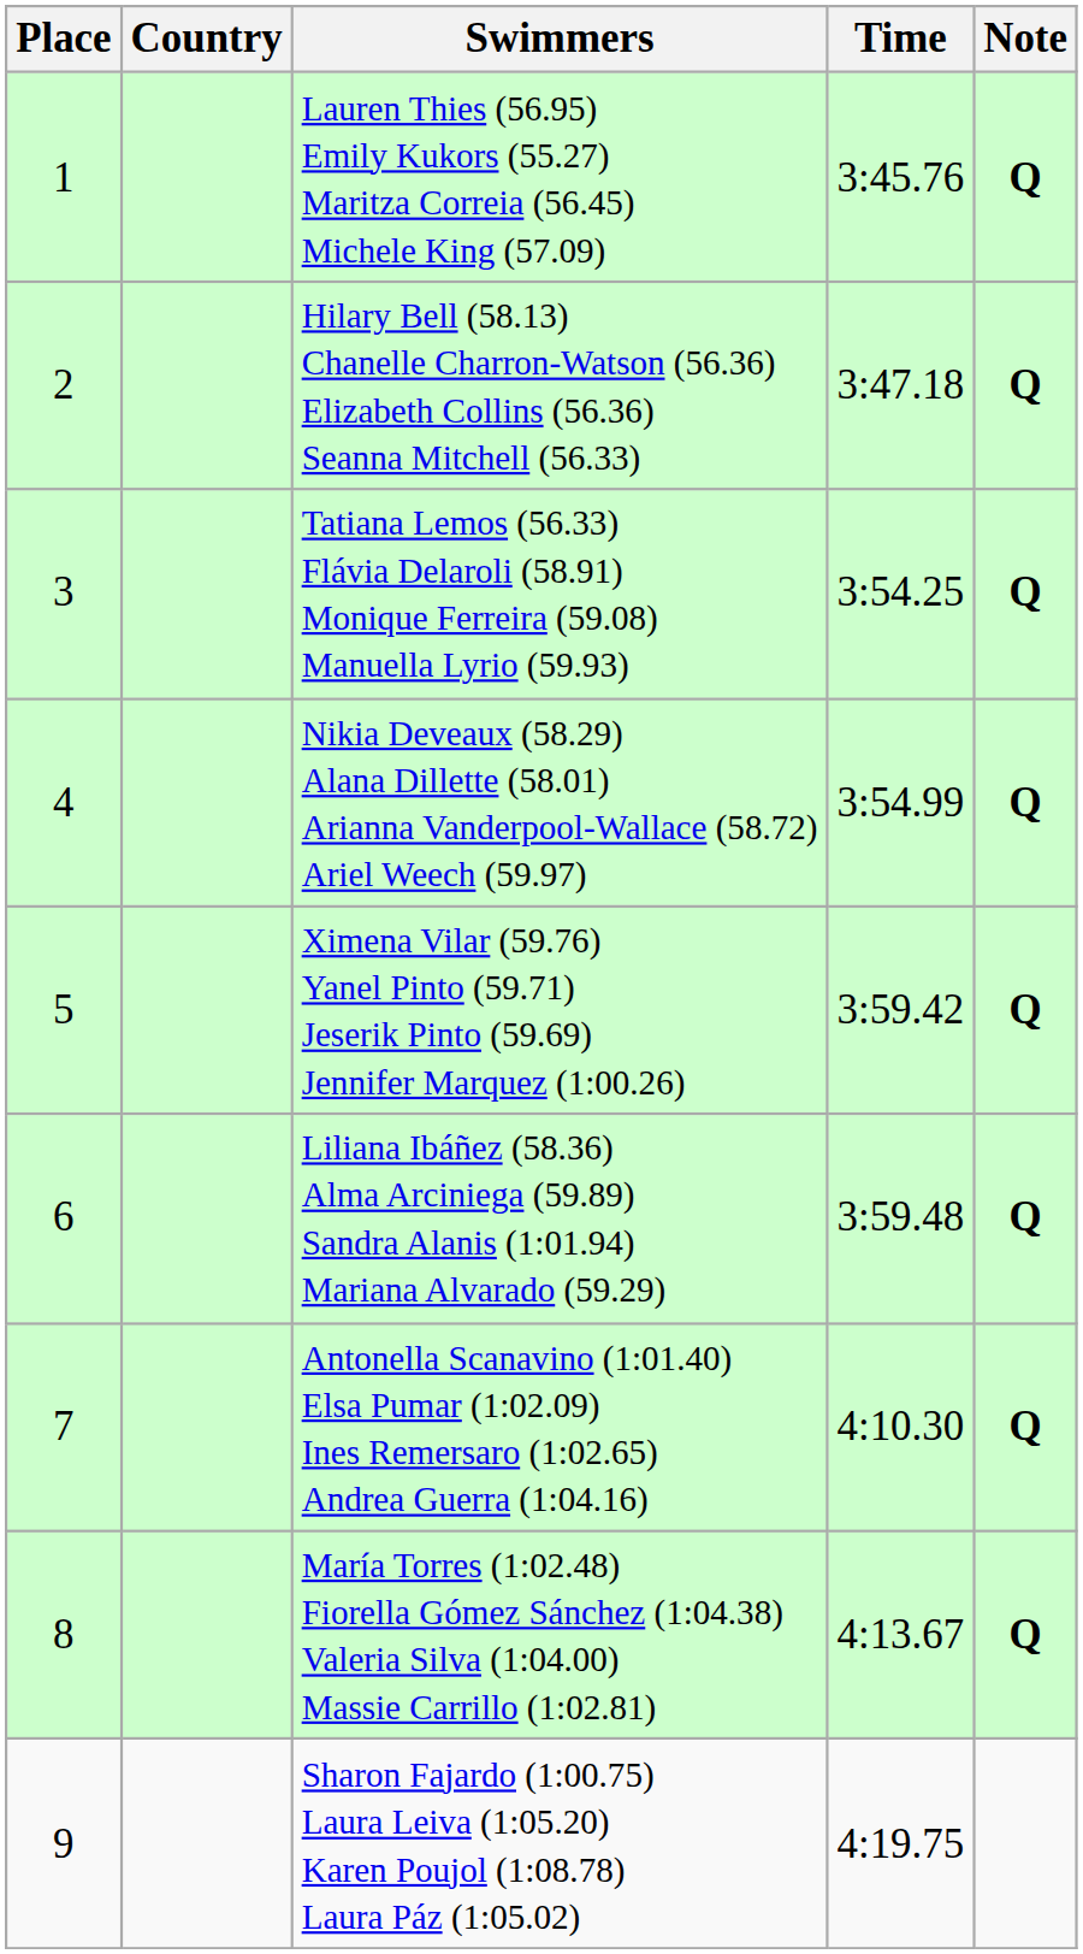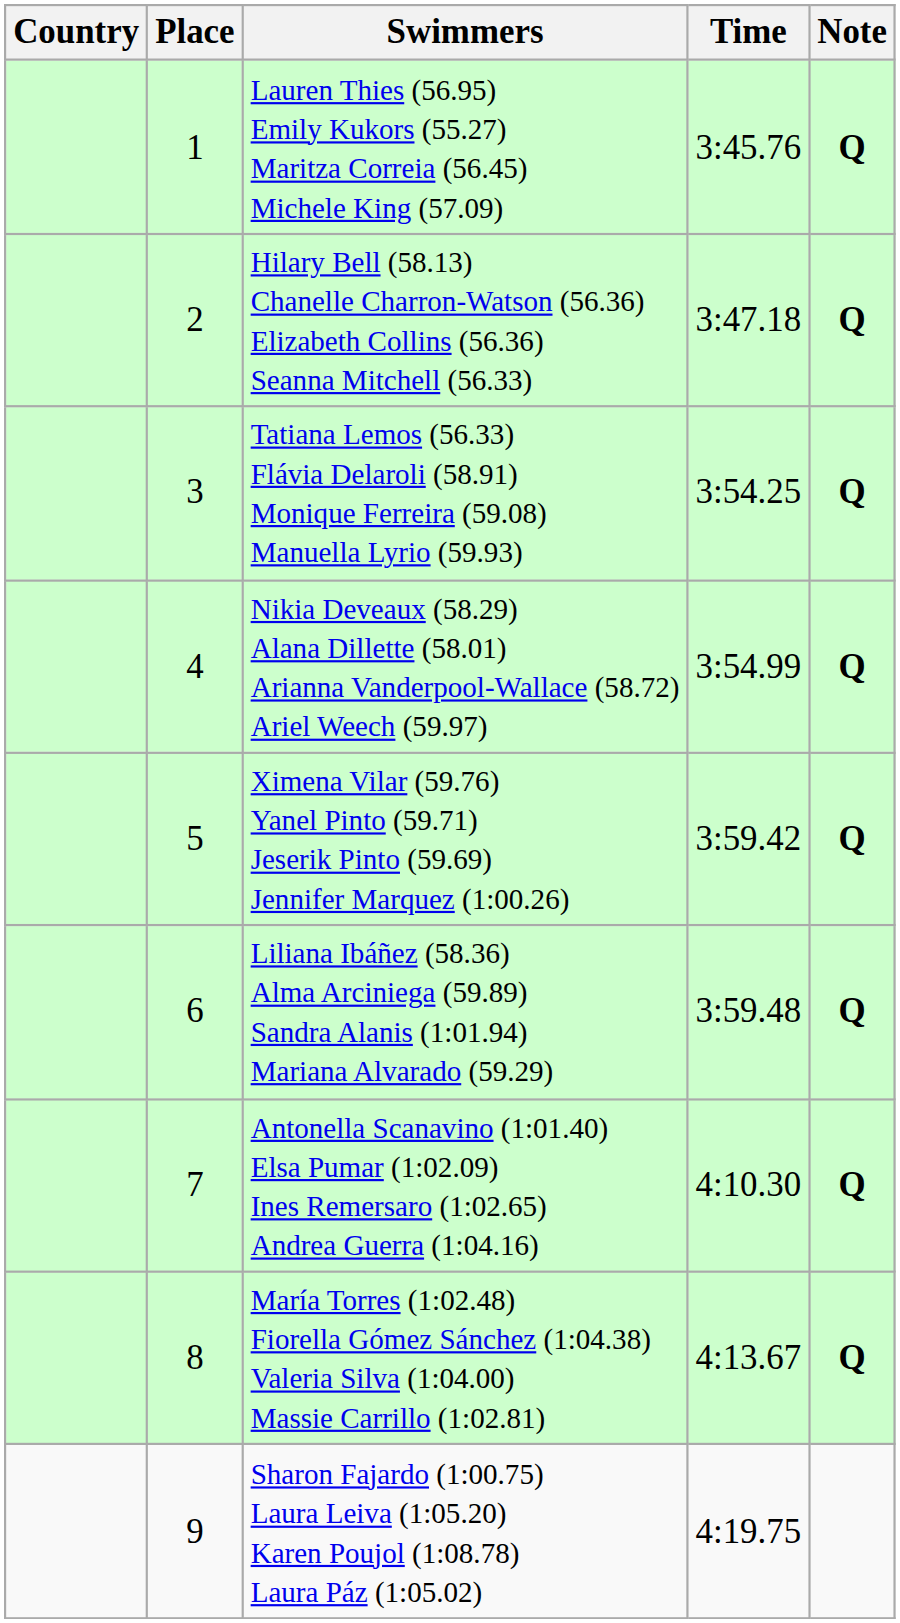 <table class="wikitable" style="text-align:center">
 <tr>
+<th>Country</th>
 <th>Place</th>
-<th>Country</th>
 <th>Swimmers</th>
 <th>Time</th>
 <th>Note</th>
 </tr>
 <tr bgcolor=ccffcc>
+<td align=left></td>
 <td>1</td>
-<td align=left></td>
 <td align=left><small> <a href='#'>Lauren Thies</a> (56.95) <br> <a href='#'>Emily Kukors</a> (55.27) <br> <a href='#'>Maritza Correia</a> (56.45) <br> <a href='#'>Michele King</a> (57.09)</small></td>
 <td>3:45.76</td>
 <td><strong>Q</strong></td>
 </tr>
 <tr bgcolor=ccffcc>
+<td align=left></td>
 <td>2</td>
-<td align=left></td>
 <td align=left><small> <a href='#'>Hilary Bell</a> (58.13) <br> <a href='#'>Chanelle Charron-Watson</a> (56.36) <br> <a href='#'>Elizabeth Collins</a> (56.36) <br> <a href='#'>Seanna Mitchell</a> (56.33)</small></td>
 <td>3:47.18</td>
 <td><strong>Q</strong></td>
 </tr>
 <tr bgcolor=ccffcc>
+<td align=left></td>
 <td>3</td>
-<td align=left></td>
 <td align=left><small> <a href='#'>Tatiana Lemos</a> (56.33) <br> <a href='#'>Flávia Delaroli</a> (58.91) <br> <a href='#'>Monique Ferreira</a> (59.08) <br> <a href='#'>Manuella Lyrio</a> (59.93)</small></td>
 <td>3:54.25</td>
 <td><strong>Q</strong></td>
 </tr>
 <tr bgcolor=ccffcc>
+<td align=left></td>
 <td>4</td>
-<td align=left></td>
 <td align=left><small> <a href='#'>Nikia Deveaux</a> (58.29) <br> <a href='#'>Alana Dillette</a> (58.01) <br> <a href='#'>Arianna Vanderpool-Wallace</a> (58.72) <br> <a href='#'>Ariel Weech</a> (59.97)</small></td>
 <td>3:54.99</td>
 <td><strong>Q</strong></td>
 </tr>
 <tr bgcolor=ccffcc>
+<td align=left></td>
 <td>5</td>
-<td align=left></td>
 <td align=left><small> <a href='#'>Ximena Vilar</a> (59.76) <br> <a href='#'>Yanel Pinto</a> (59.71) <br> <a href='#'>Jeserik Pinto</a> (59.69) <br> <a href='#'>Jennifer Marquez</a> (1:00.26)</small></td>
 <td>3:59.42</td>
 <td><strong>Q</strong></td>
 </tr>
 <tr bgcolor=ccffcc>
+<td align=left></td>
 <td>6</td>
-<td align=left></td>
 <td align=left><small> <a href='#'>Liliana Ibáñez</a> (58.36) <br> <a href='#'>Alma Arciniega</a> (59.89) <br> <a href='#'>Sandra Alanis</a> (1:01.94) <br> <a href='#'>Mariana Alvarado</a> (59.29)</small></td>
 <td>3:59.48</td>
 <td><strong>Q</strong></td>
 </tr>
 <tr bgcolor=ccffcc>
+<td align=left></td>
 <td>7</td>
-<td align=left></td>
 <td align=left><small> <a href='#'>Antonella Scanavino</a> (1:01.40) <br> <a href='#'>Elsa Pumar</a> (1:02.09) <br> <a href='#'>Ines Remersaro</a> (1:02.65) <br> <a href='#'>Andrea Guerra</a> (1:04.16)</small></td>
 <td>4:10.30</td>
 <td><strong>Q</strong></td>
 </tr>
 <tr bgcolor=ccffcc>
+<td align=left></td>
 <td>8</td>
-<td align=left></td>
 <td align=left><small> <a href='#'>María Torres</a> (1:02.48) <br> <a href='#'>Fiorella Gómez Sánchez</a> (1:04.38) <br> <a href='#'>Valeria Silva</a> (1:04.00) <br> <a href='#'>Massie Carrillo</a> (1:02.81)</small></td>
 <td>4:13.67</td>
 <td><strong>Q</strong></td>
 </tr>
 <tr>
+<td align=left></td>
 <td>9</td>
-<td align=left></td>
 <td align=left><small> <a href='#'>Sharon Fajardo</a> (1:00.75) <br> <a href='#'>Laura Leiva</a> (1:05.20) <br> <a href='#'>Karen Poujol</a> (1:08.78) <br> <a href='#'>Laura Páz</a> (1:05.02)</small></td>
 <td>4:19.75</td>
 <td></td>
 </tr>
 </table>
